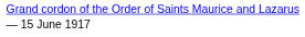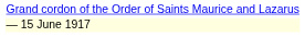 <table>
 <tr>
 <td rowspan=2 style="width:60px; vertical-align:top;"></td>
 <td><a href='#'>Grand cordon of the Order of Saints Maurice and Lazarus</a></td>
 </tr>
 <tr>
-<td>— 15 June 1917</td>
+<td style="background: lightyellow;">— 15 June 1917</td>
 </tr>
 </table>
